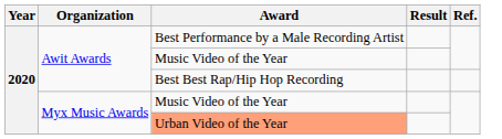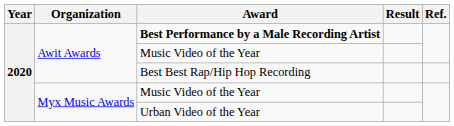 <table class="wikitable">
 <tr>
 <th>Year</th>
 <th>Organization</th>
 <th>Award</th>
 <th>Result</th>
 <th>Ref.</th>
 </tr>
 <tr>
 <th scope="row" rowspan="5">2020</th>
 <td scope="row" rowspan="3"><a href='#'>Awit Awards</a></td>
-<td>Best Performance by a Male Recording Artist</td>
+<td><strong>Best Performance by a Male Recording Artist</strong></td>
 <td></td>
 <td scope="row" rowspan="2"></td>
 </tr>
 <tr>
 <td>Music Video of the Year</td>
 <td></td>
 </tr>
 <tr>
 <td>Best Best Rap/Hip Hop Recording</td>
 <td></td>
 <td></td>
 </tr>
 <tr>
 <td scope="row" rowspan="2"><a href='#'>Myx Music Awards</a></td>
 <td>Music Video of the Year</td>
 <td></td>
 <td scope="row" rowspan="2"></td>
 </tr>
 <tr>
-<td style="background: lightsalmon;">Urban Video of the Year</td>
+<td>Urban Video of the Year</td>
 <td></td>
 </tr>
 </table>
